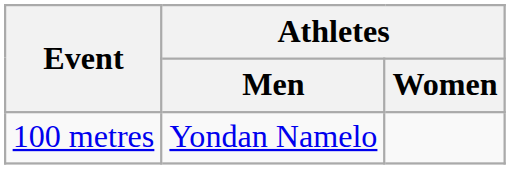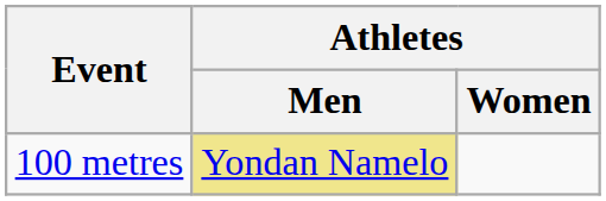 <table class=wikitable style="font-size:90%">
 <tr>
 <th rowspan=2>Event</th>
 <th colspan=2>Athletes</th>
 </tr>
 <tr>
 <th>Men</th>
 <th>Women</th>
 </tr>
 <tr>
 <td><a href='#'>100 metres</a></td>
-<td><a href='#'>Yondan Namelo</a></td>
+<td style="background: khaki;"><a href='#'>Yondan Namelo</a></td>
 <td></td>
 </tr>
 </table>
